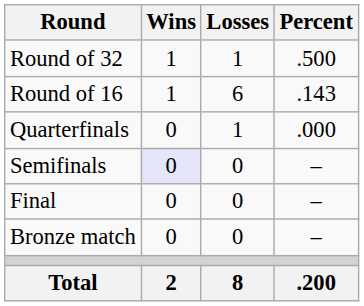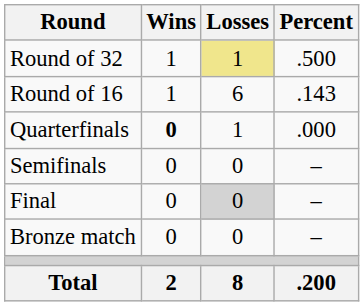 <table class=wikitable>
 <tr>
 <th>Round</th>
 <th>Wins</th>
 <th>Losses</th>
 <th>Percent</th>
 </tr>
 <tr align=center>
 <td align=left>Round of 32</td>
 <td>1</td>
-<td>1</td>
+<td style="background: khaki;">1</td>
 <td>.500</td>
 </tr>
 <tr align=center>
 <td align=left>Round of 16</td>
 <td>1</td>
 <td>6</td>
 <td>.143</td>
 </tr>
 <tr align=center>
 <td align=left>Quarterfinals</td>
-<td>0</td>
+<td><strong>0</strong></td>
 <td>1</td>
 <td>.000</td>
 </tr>
 <tr align=center>
 <td align=left>Semifinals</td>
-<td style="background: lavender;">0</td>
+<td>0</td>
 <td>0</td>
 <td>–</td>
 </tr>
 <tr align=center>
 <td align=left>Final</td>
 <td>0</td>
-<td>0</td>
+<td style="background: lightgrey;">0</td>
 <td>–</td>
 </tr>
 <tr align=center>
 <td align=left>Bronze match</td>
 <td>0</td>
 <td>0</td>
 <td>–</td>
 </tr>
 <tr>
 <td colspan=4 bgcolor=lightgray></td>
 </tr>
 <tr>
 <th>Total</th>
 <th>2</th>
 <th>8</th>
 <th>.200</th>
 </tr>
 </table>
